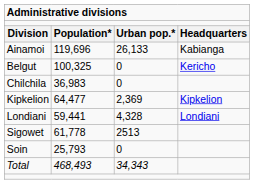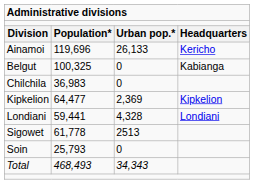 <table class="wikitable">
 <tr>
 <td colspan="4"><strong>Administrative divisions</strong></td>
 </tr>
 <tr>
 <td colspan="4"></td>
 </tr>
 <tr>
 <th>Division</th>
 <th>Population*</th>
 <th>Urban pop.*</th>
 <th>Headquarters</th>
 </tr>
 <tr>
 <td>Ainamoi</td>
 <td>119,696</td>
 <td>26,133</td>
-<td>Kabianga</td>
+<td><a href='#'>Kericho</a></td>
 </tr>
 <tr>
 <td>Belgut</td>
 <td>100,325</td>
 <td>0</td>
-<td><a href='#'>Kericho</a></td>
+<td>Kabianga</td>
 </tr>
 <tr>
 <td>Chilchila</td>
 <td>36,983</td>
 <td>0</td>
 <td></td>
 </tr>
 <tr>
 <td>Kipkelion</td>
 <td>64,477</td>
 <td>2,369</td>
 <td><a href='#'>Kipkelion</a></td>
 </tr>
 <tr>
 <td>Londiani</td>
 <td>59,441</td>
 <td>4,328</td>
 <td><a href='#'>Londiani</a></td>
 </tr>
 <tr>
 <td>Sigowet</td>
 <td>61,778</td>
 <td>2513</td>
 <td></td>
 </tr>
 <tr>
 <td>Soin</td>
 <td>25,793</td>
 <td>0</td>
 <td></td>
 </tr>
 <tr>
 <td><em>Total</em></td>
 <td><em>468,493</em></td>
 <td><em>34,343</em></td>
 <td></td>
 </tr>
 <tr>
 <td colspan="4"></td>
 </tr>
 </table>
